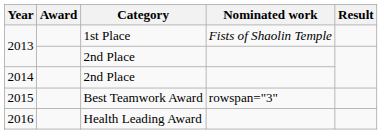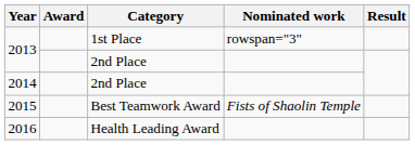 <table class="wikitable">
 <tr>
 <th scope="col">Year</th>
 <th>Award</th>
 <th scope="col">Category</th>
 <th>Nominated work</th>
 <th scope="col">Result</th>
 </tr>
 <tr>
 <td rowspan="2">2013</td>
 <td></td>
 <td>1st Place</td>
-<td style="text-align:center"><em>Fists of Shaolin Temple</em></td>
+<td>rowspan="3" </td>
 <td></td>
 </tr>
 <tr>
 <td></td>
 <td>2nd Place</td>
 <td></td>
 </tr>
 <tr>
 <td>2014</td>
 <td></td>
 <td>2nd Place</td>
 <td></td>
 </tr>
 <tr>
 <td>2015</td>
 <td></td>
 <td>Best Teamwork Award</td>
-<td>rowspan="3" </td>
+<td style="text-align:center"><em>Fists of Shaolin Temple</em></td>
 <td></td>
 </tr>
 <tr>
 <td>2016</td>
 <td></td>
 <td>Health Leading Award</td>
 <td></td>
 <td></td>
 </tr>
 </table>
